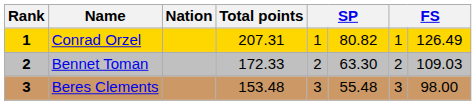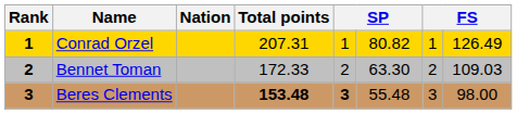 <table class="wikitable sortable">
 <tr>
 <th>Rank</th>
 <th>Name</th>
 <th>Nation</th>
 <th>Total points</th>
 <th colspan="2" width="80px"><a href='#'>SP</a></th>
 <th colspan="2" width="80px"><a href='#'>FS</a></th>
 </tr>
 <tr bgcolor="gold">
 <td align="center"><strong>1</strong></td>
 <td><a href='#'>Conrad Orzel</a></td>
 <td></td>
 <td align="center">207.31</td>
 <td align="center">1</td>
 <td align="center">80.82</td>
 <td align="center">1</td>
 <td align="center">126.49</td>
 </tr>
 <tr bgcolor="silver">
 <td align="center"><strong>2</strong></td>
 <td><a href='#'>Bennet Toman</a></td>
 <td></td>
 <td align="center">172.33</td>
 <td align="center">2</td>
 <td align="center">63.30</td>
 <td align="center">2</td>
 <td align="center">109.03</td>
 </tr>
 <tr bgcolor="cc9966">
 <td align="center"><strong>3</strong></td>
 <td><a href='#'>Beres Clements</a></td>
 <td></td>
-<td align="center">153.48</td>
-<td align="center">3</td>
+<td align="center"><strong>153.48</strong></td>
+<td align="center"><strong>3</strong></td>
 <td align="center">55.48</td>
 <td align="center">3</td>
 <td align="center">98.00</td>
 </tr>
 </table>
